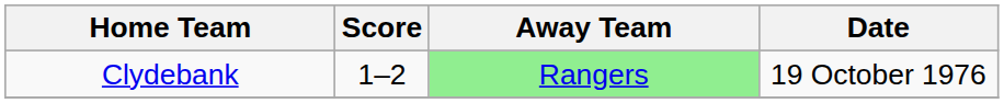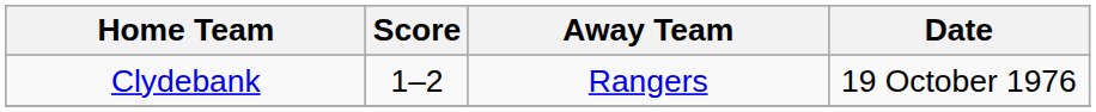 <table class="wikitable" style="text-align:center;">
 <tr>
 <th width=175>Home Team</th>
 <th width=20>Score</th>
 <th width=175>Away Team</th>
 <th width= 125>Date</th>
 </tr>
 <tr>
 <td><a href='#'>Clydebank</a></td>
 <td>1–2</td>
-<td style="background: lightgreen;"><a href='#'>Rangers</a></td>
+<td><a href='#'>Rangers</a></td>
 <td>19 October 1976</td>
 </tr>
 <tr>
 </tr>
 </table>
